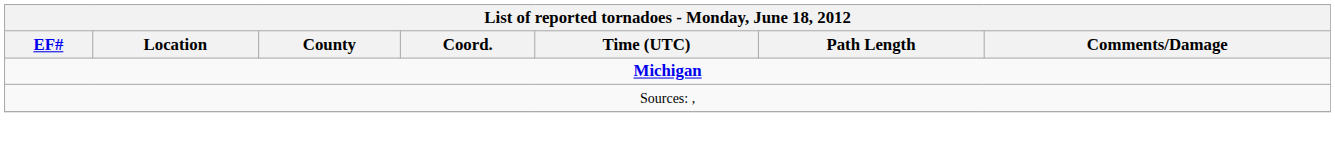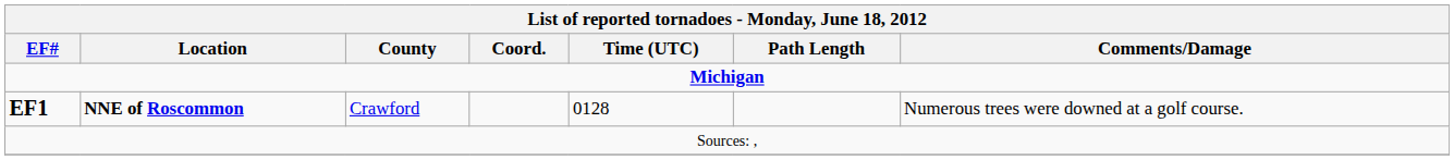 <table class="wikitable collapsible" width="100%">
 <tr>
 <th colspan="7">List of reported tornadoes - Monday, June 18, 2012</th>
 </tr>
 <tr>
 <th><a href='#'>EF#</a></th>
 <th>Location</th>
 <th>County</th>
 <th>Coord.</th>
 <th>Time (UTC)</th>
 <th>Path Length</th>
 <th>Comments/Damage</th>
 </tr>
 <tr>
 <td colspan="7" align=center><strong><a href='#'>Michigan</a></strong></td>
 </tr>
 <tr>
+<td><big><strong>EF1</strong></big></td>
+<td><strong>NNE of <a href='#'>Roscommon</a></strong></td>
+<td><a href='#'>Crawford</a></td>
+<td></td>
+<td>0128</td>
+<td></td>
+<td>Numerous trees were downed at a golf course.</td>
+</tr>
+<tr>
 <td colspan="7" align=center><small>Sources: , </small></td>
 </tr>
 <tr>
 </tr>
 </table>
